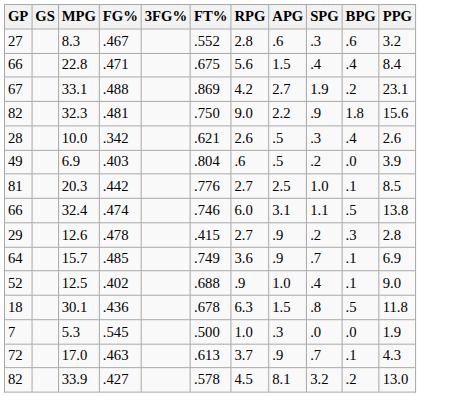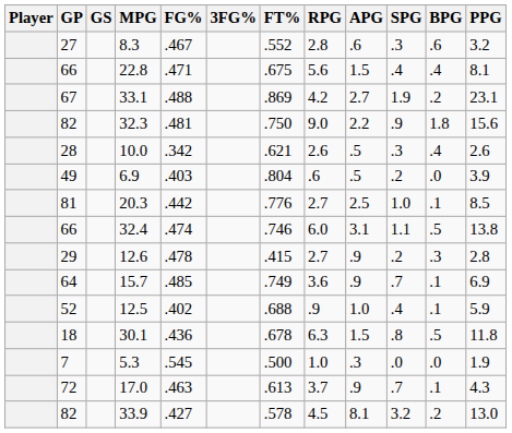 <table class="wikitable sortable" style="font-size: 90%">
 <tr>
+<th scope="col">Player</th>
 <th scope="col">GP</th>
 <th scope="col">GS</th>
 <th scope="col">MPG</th>
 <th scope="col">FG%</th>
 <th scope="col">3FG%</th>
 <th scope="col">FT%</th>
 <th scope="col">RPG</th>
 <th scope="col">APG</th>
 <th scope="col">SPG</th>
 <th scope="col">BPG</th>
 <th scope="col">PPG</th>
 </tr>
 <tr>
+<th scope="row" style="text-align:left;"></th>
 <td>27</td>
 <td></td>
 <td>8.3</td>
 <td>.467</td>
 <td></td>
 <td>.552</td>
 <td>2.8</td>
 <td>.6</td>
 <td>.3</td>
 <td>.6</td>
 <td>3.2</td>
 </tr>
 <tr>
+<th scope="row" style="text-align:left;"></th>
 <td>66</td>
 <td></td>
 <td>22.8</td>
 <td>.471</td>
 <td></td>
 <td>.675</td>
 <td>5.6</td>
 <td>1.5</td>
 <td>.4</td>
 <td>.4</td>
-<td>8.4</td>
+<td>8.1</td>
 </tr>
 <tr>
+<th scope="row" style="text-align:left;"></th>
 <td>67</td>
 <td></td>
 <td>33.1</td>
 <td>.488</td>
 <td></td>
 <td>.869</td>
 <td>4.2</td>
 <td>2.7</td>
 <td>1.9</td>
 <td>.2</td>
 <td>23.1</td>
 </tr>
 <tr>
+<th scope="row" style="text-align:left;"></th>
 <td>82</td>
 <td></td>
 <td>32.3</td>
 <td>.481</td>
 <td></td>
 <td>.750</td>
 <td>9.0</td>
 <td>2.2</td>
 <td>.9</td>
 <td>1.8</td>
 <td>15.6</td>
 </tr>
 <tr>
+<th scope="row" style="text-align:left;"></th>
 <td>28</td>
 <td></td>
 <td>10.0</td>
 <td>.342</td>
 <td></td>
 <td>.621</td>
 <td>2.6</td>
 <td>.5</td>
 <td>.3</td>
 <td>.4</td>
 <td>2.6</td>
 </tr>
 <tr>
+<th scope="row" style="text-align:left;"></th>
 <td>49</td>
 <td></td>
 <td>6.9</td>
 <td>.403</td>
 <td></td>
 <td>.804</td>
 <td>.6</td>
 <td>.5</td>
 <td>.2</td>
 <td>.0</td>
 <td>3.9</td>
 </tr>
 <tr>
+<th scope="row" style="text-align:left;"></th>
 <td>81</td>
 <td></td>
 <td>20.3</td>
 <td>.442</td>
 <td></td>
 <td>.776</td>
 <td>2.7</td>
 <td>2.5</td>
 <td>1.0</td>
 <td>.1</td>
 <td>8.5</td>
 </tr>
 <tr>
+<th scope="row" style="text-align:left;"></th>
 <td>66</td>
 <td></td>
 <td>32.4</td>
 <td>.474</td>
 <td></td>
 <td>.746</td>
 <td>6.0</td>
 <td>3.1</td>
 <td>1.1</td>
 <td>.5</td>
 <td>13.8</td>
 </tr>
 <tr>
+<th scope="row" style="text-align:left;"></th>
 <td>29</td>
 <td></td>
 <td>12.6</td>
 <td>.478</td>
 <td></td>
 <td>.415</td>
 <td>2.7</td>
 <td>.9</td>
 <td>.2</td>
 <td>.3</td>
 <td>2.8</td>
 </tr>
 <tr>
+<th scope="row" style="text-align:left;"></th>
 <td>64</td>
 <td></td>
 <td>15.7</td>
 <td>.485</td>
 <td></td>
 <td>.749</td>
 <td>3.6</td>
 <td>.9</td>
 <td>.7</td>
 <td>.1</td>
 <td>6.9</td>
 </tr>
 <tr>
+<th scope="row" style="text-align:left;"></th>
 <td>52</td>
 <td></td>
 <td>12.5</td>
 <td>.402</td>
 <td></td>
 <td>.688</td>
 <td>.9</td>
 <td>1.0</td>
 <td>.4</td>
 <td>.1</td>
-<td>9.0</td>
+<td>5.9</td>
 </tr>
 <tr>
+<th scope="row" style="text-align:left;"></th>
 <td>18</td>
 <td></td>
 <td>30.1</td>
 <td>.436</td>
 <td></td>
 <td>.678</td>
 <td>6.3</td>
 <td>1.5</td>
 <td>.8</td>
 <td>.5</td>
 <td>11.8</td>
 </tr>
 <tr>
+<th scope="row" style="text-align:left;"></th>
 <td>7</td>
 <td></td>
 <td>5.3</td>
 <td>.545</td>
 <td></td>
 <td>.500</td>
 <td>1.0</td>
 <td>.3</td>
 <td>.0</td>
 <td>.0</td>
 <td>1.9</td>
 </tr>
 <tr>
+<th scope="row" style="text-align:left;"></th>
 <td>72</td>
 <td></td>
 <td>17.0</td>
 <td>.463</td>
 <td></td>
 <td>.613</td>
 <td>3.7</td>
 <td>.9</td>
 <td>.7</td>
 <td>.1</td>
 <td>4.3</td>
 </tr>
 <tr>
+<th scope="row" style="text-align:left;"></th>
 <td>82</td>
 <td></td>
 <td>33.9</td>
 <td>.427</td>
 <td></td>
 <td>.578</td>
 <td>4.5</td>
 <td>8.1</td>
 <td>3.2</td>
 <td>.2</td>
 <td>13.0</td>
 </tr>
 </table>
